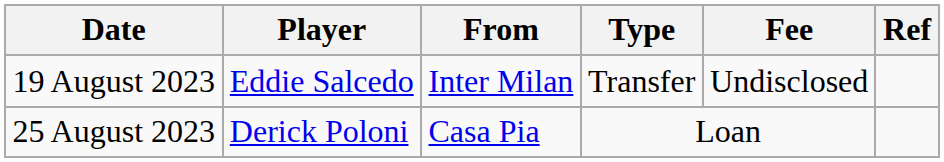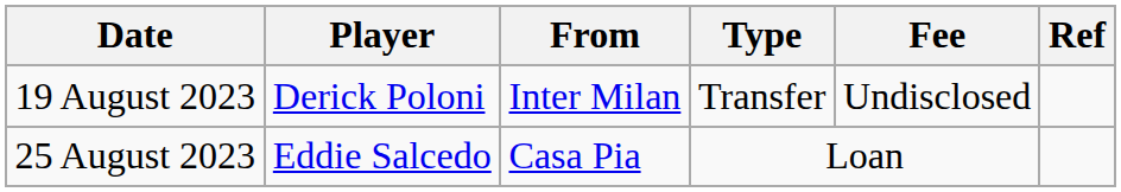 <table class="wikitable">
 <tr>
 <th>Date</th>
 <th>Player</th>
 <th>From</th>
 <th>Type</th>
 <th>Fee</th>
 <th>Ref</th>
 </tr>
 <tr>
 <td>19 August 2023</td>
-<td> <a href='#'>Eddie Salcedo</a></td>
+<td> <a href='#'>Derick Poloni</a></td>
 <td> <a href='#'>Inter Milan</a></td>
 <td>Transfer</td>
 <td>Undisclosed</td>
 <td></td>
 </tr>
 <tr>
 <td>25 August 2023</td>
-<td> <a href='#'>Derick Poloni</a></td>
+<td> <a href='#'>Eddie Salcedo</a></td>
 <td> <a href='#'>Casa Pia</a></td>
 <td colspan=2 align=center>Loan</td>
 <td></td>
 </tr>
 <tr>
 </tr>
 </table>
